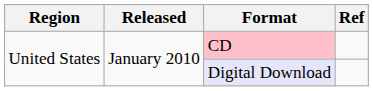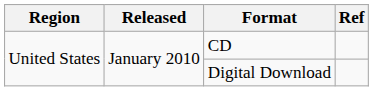 <table class="wikitable">
 <tr>
 <th>Region</th>
 <th>Released</th>
 <th>Format</th>
 <th>Ref</th>
 </tr>
 <tr>
 <td rowspan="2">United States</td>
 <td rowspan="2">January 2010</td>
-<td style="background: pink;">CD</td>
+<td>CD</td>
 <td></td>
 </tr>
 <tr>
-<td style="background: lavender;">Digital Download</td>
+<td>Digital Download</td>
 <td></td>
 </tr>
 </table>
